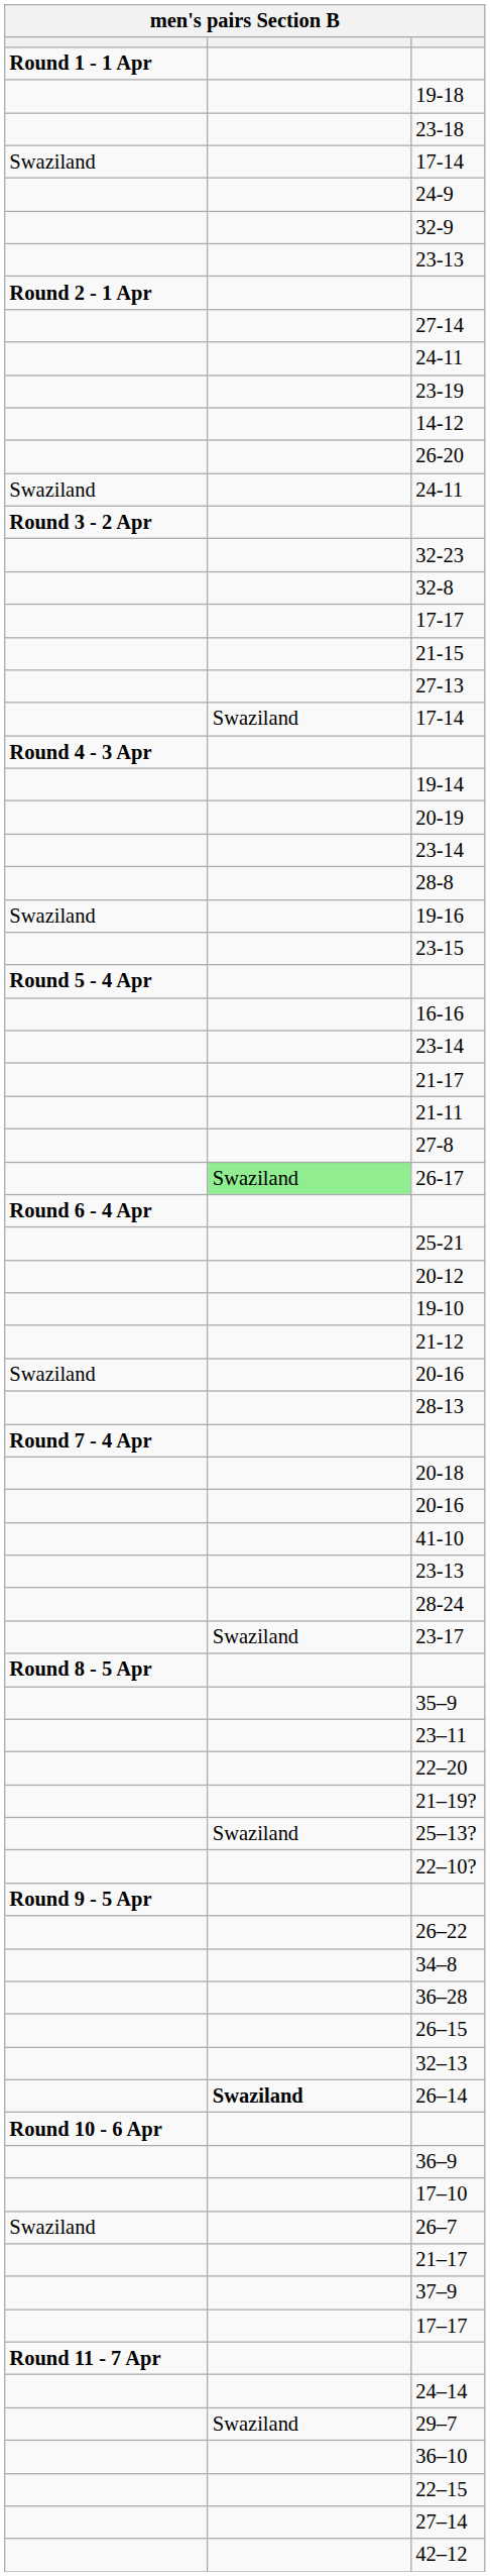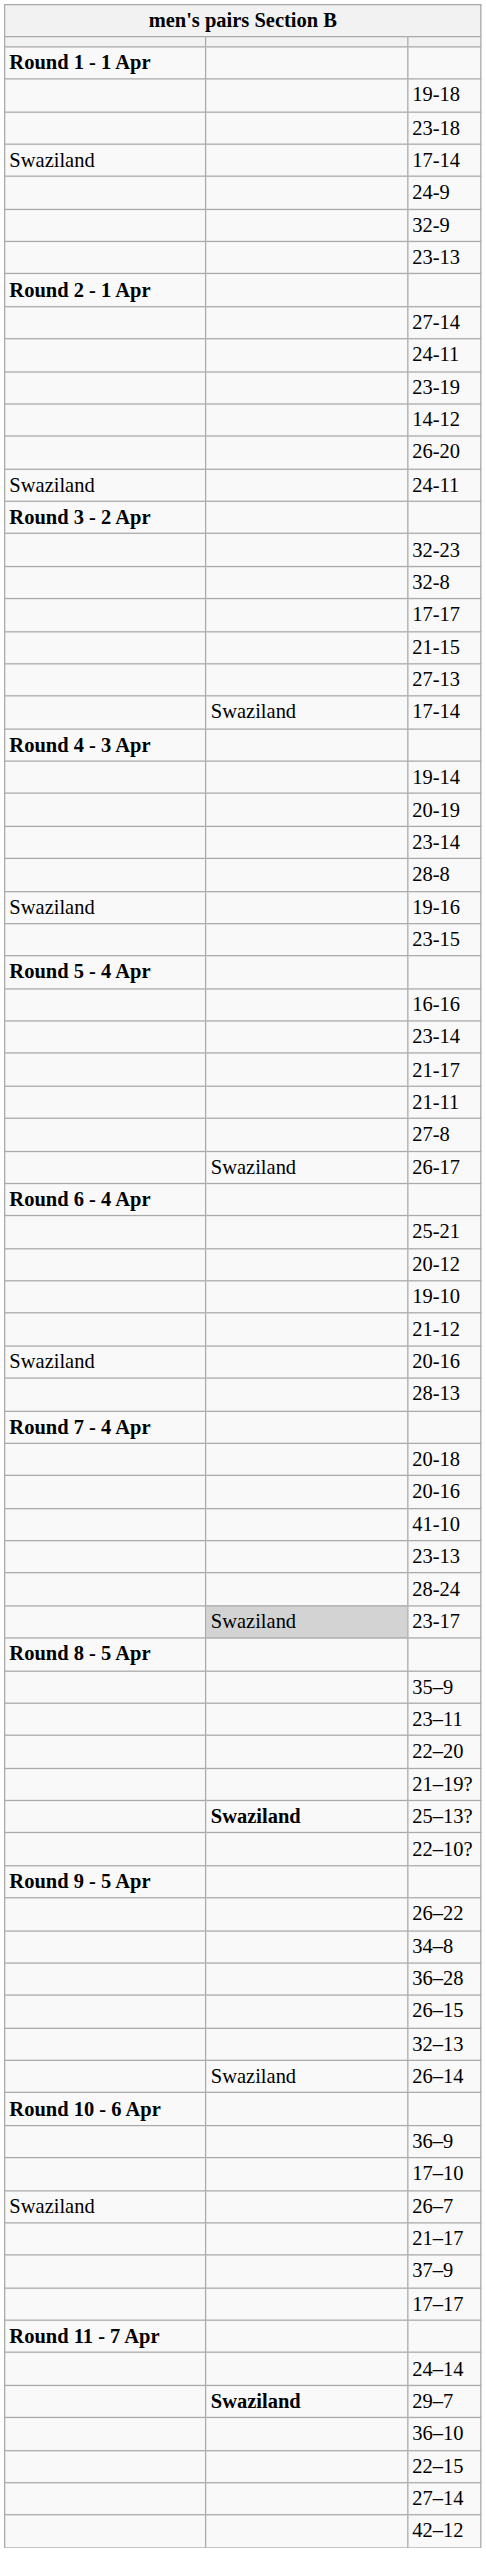 <table class="wikitable">
 <tr>
 <th colspan="3">men's pairs Section B</th>
 </tr>
 <tr>
 <th width=150></th>
 <th width=150></th>
 <th width=50></th>
 </tr>
 <tr>
 <td><strong>Round 1 - 1 Apr</strong></td>
 <td></td>
 <td></td>
 </tr>
 <tr>
 <td></td>
 <td></td>
 <td>19-18</td>
 </tr>
 <tr>
 <td></td>
 <td></td>
 <td>23-18</td>
 </tr>
 <tr>
 <td> Swaziland</td>
 <td></td>
 <td>17-14</td>
 </tr>
 <tr>
 <td></td>
 <td></td>
 <td>24-9</td>
 </tr>
 <tr>
 <td></td>
 <td></td>
 <td>32-9</td>
 </tr>
 <tr>
 <td></td>
 <td></td>
 <td>23-13</td>
 </tr>
 <tr>
 <td><strong>Round 2 - 1 Apr</strong></td>
 <td></td>
 <td></td>
 </tr>
 <tr>
 <td></td>
 <td></td>
 <td>27-14</td>
 </tr>
 <tr>
 <td></td>
 <td></td>
 <td>24-11</td>
 </tr>
 <tr>
 <td></td>
 <td></td>
 <td>23-19</td>
 </tr>
 <tr>
 <td></td>
 <td></td>
 <td>14-12</td>
 </tr>
 <tr>
 <td></td>
 <td></td>
 <td>26-20</td>
 </tr>
 <tr>
 <td> Swaziland</td>
 <td></td>
 <td>24-11</td>
 </tr>
 <tr>
 <td><strong>Round 3 - 2 Apr</strong></td>
 <td></td>
 <td></td>
 </tr>
 <tr>
 <td></td>
 <td></td>
 <td>32-23</td>
 </tr>
 <tr>
 <td></td>
 <td></td>
 <td>32-8</td>
 </tr>
 <tr>
 <td></td>
 <td></td>
 <td>17-17</td>
 </tr>
 <tr>
 <td></td>
 <td></td>
 <td>21-15</td>
 </tr>
 <tr>
 <td></td>
 <td></td>
 <td>27-13</td>
 </tr>
 <tr>
 <td></td>
 <td> Swaziland</td>
 <td>17-14</td>
 </tr>
 <tr>
 <td><strong>Round 4 - 3 Apr</strong></td>
 <td></td>
 <td></td>
 </tr>
 <tr>
 <td></td>
 <td></td>
 <td>19-14</td>
 </tr>
 <tr>
 <td></td>
 <td></td>
 <td>20-19</td>
 </tr>
 <tr>
 <td></td>
 <td></td>
 <td>23-14</td>
 </tr>
 <tr>
 <td></td>
 <td></td>
 <td>28-8</td>
 </tr>
 <tr>
 <td> Swaziland</td>
 <td></td>
 <td>19-16</td>
 </tr>
 <tr>
 <td></td>
 <td></td>
 <td>23-15</td>
 </tr>
 <tr>
 <td><strong>Round 5 - 4 Apr</strong></td>
 <td></td>
 <td></td>
 </tr>
 <tr>
 <td></td>
 <td></td>
 <td>16-16</td>
 </tr>
 <tr>
 <td></td>
 <td></td>
 <td>23-14</td>
 </tr>
 <tr>
 <td></td>
 <td></td>
 <td>21-17</td>
 </tr>
 <tr>
 <td></td>
 <td></td>
 <td>21-11</td>
 </tr>
 <tr>
 <td></td>
 <td></td>
 <td>27-8</td>
 </tr>
 <tr>
 <td></td>
-<td style="background: lightgreen;"> Swaziland</td>
+<td> Swaziland</td>
 <td>26-17</td>
 </tr>
 <tr>
 <td><strong>Round 6  - 4 Apr</strong></td>
 <td></td>
 <td></td>
 </tr>
 <tr>
 <td></td>
 <td></td>
 <td>25-21</td>
 </tr>
 <tr>
 <td></td>
 <td></td>
 <td>20-12</td>
 </tr>
 <tr>
 <td></td>
 <td></td>
 <td>19-10</td>
 </tr>
 <tr>
 <td></td>
 <td></td>
 <td>21-12</td>
 </tr>
 <tr>
 <td> Swaziland</td>
 <td></td>
 <td>20-16</td>
 </tr>
 <tr>
 <td></td>
 <td></td>
 <td>28-13</td>
 </tr>
 <tr>
 <td><strong>Round 7 - 4 Apr</strong></td>
 <td></td>
 <td></td>
 </tr>
 <tr>
 <td></td>
 <td></td>
 <td>20-18</td>
 </tr>
 <tr>
 <td></td>
 <td></td>
 <td>20-16</td>
 </tr>
 <tr>
 <td></td>
 <td></td>
 <td>41-10</td>
 </tr>
 <tr>
 <td></td>
 <td></td>
 <td>23-13</td>
 </tr>
 <tr>
 <td></td>
 <td></td>
 <td>28-24</td>
 </tr>
 <tr>
 <td></td>
-<td> Swaziland</td>
+<td style="background: lightgrey;"> Swaziland</td>
 <td>23-17</td>
 </tr>
 <tr>
 <td><strong>Round 8 - 5 Apr</strong></td>
 <td></td>
 <td></td>
 </tr>
 <tr>
 <td></td>
 <td></td>
 <td>35–9</td>
 </tr>
 <tr>
 <td></td>
 <td></td>
 <td>23–11</td>
 </tr>
 <tr>
 <td></td>
 <td></td>
 <td>22–20</td>
 </tr>
 <tr>
 <td></td>
 <td></td>
 <td>21–19?</td>
 </tr>
 <tr>
 <td></td>
-<td> Swaziland</td>
+<td><strong> Swaziland</strong></td>
 <td>25–13?</td>
 </tr>
 <tr>
 <td></td>
 <td></td>
 <td>22–10?</td>
 </tr>
 <tr>
 <td><strong>Round 9 - 5 Apr</strong></td>
 <td></td>
 <td></td>
 </tr>
 <tr>
 <td></td>
 <td></td>
 <td>26–22</td>
 </tr>
 <tr>
 <td></td>
 <td></td>
 <td>34–8</td>
 </tr>
 <tr>
 <td></td>
 <td></td>
 <td>36–28</td>
 </tr>
 <tr>
 <td></td>
 <td></td>
 <td>26–15</td>
 </tr>
 <tr>
 <td></td>
 <td></td>
 <td>32–13</td>
 </tr>
 <tr>
 <td></td>
-<td><strong> Swaziland</strong></td>
+<td> Swaziland</td>
 <td>26–14</td>
 </tr>
 <tr>
 <td><strong>Round 10 - 6 Apr</strong></td>
 <td></td>
 <td></td>
 </tr>
 <tr>
 <td></td>
 <td></td>
 <td>36–9</td>
 </tr>
 <tr>
 <td></td>
 <td></td>
 <td>17–10</td>
 </tr>
 <tr>
 <td> Swaziland</td>
 <td></td>
 <td>26–7</td>
 </tr>
 <tr>
 <td></td>
 <td></td>
 <td>21–17</td>
 </tr>
 <tr>
 <td></td>
 <td></td>
 <td>37–9</td>
 </tr>
 <tr>
 <td></td>
 <td></td>
 <td>17–17</td>
 </tr>
 <tr>
 <td><strong>Round 11 - 7 Apr</strong></td>
 <td></td>
 <td></td>
 </tr>
 <tr>
 <td></td>
 <td></td>
 <td>24–14</td>
 </tr>
 <tr>
 <td></td>
-<td> Swaziland</td>
+<td><strong> Swaziland</strong></td>
 <td>29–7</td>
 </tr>
 <tr>
 <td></td>
 <td></td>
 <td>36–10</td>
 </tr>
 <tr>
 <td></td>
 <td></td>
 <td>22–15</td>
 </tr>
 <tr>
 <td></td>
 <td></td>
 <td>27–14</td>
 </tr>
 <tr>
 <td></td>
 <td></td>
 <td>42–12</td>
 </tr>
 </table>
